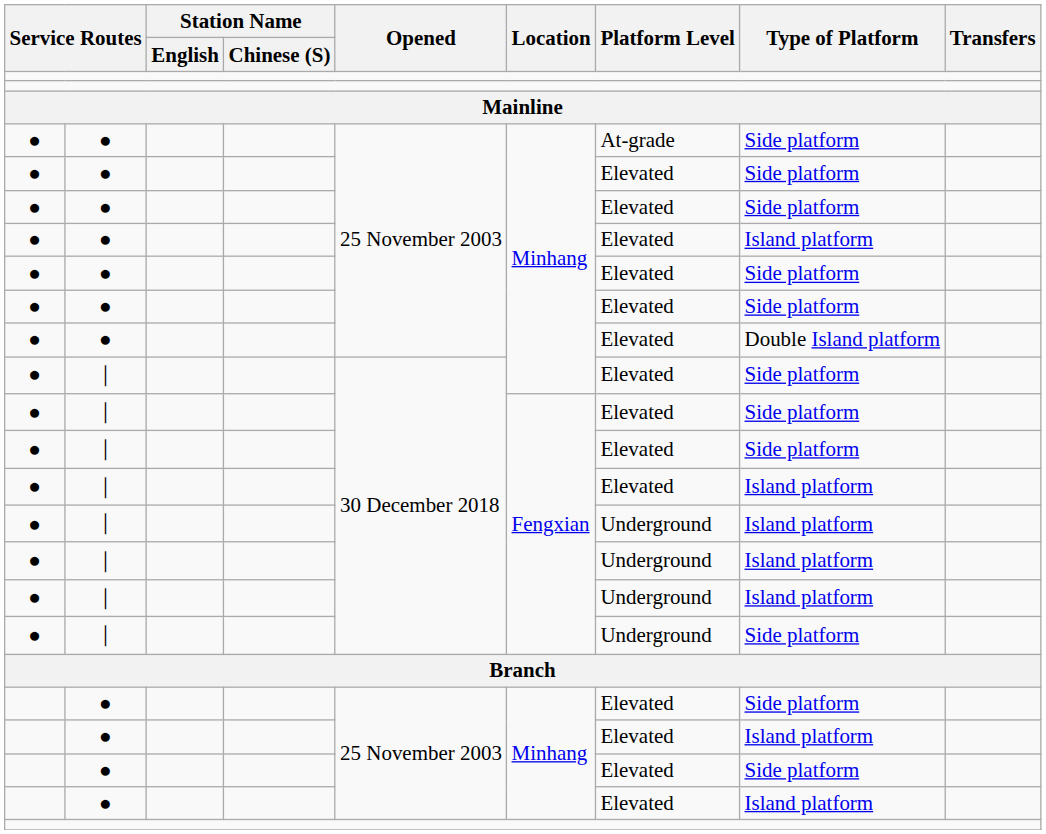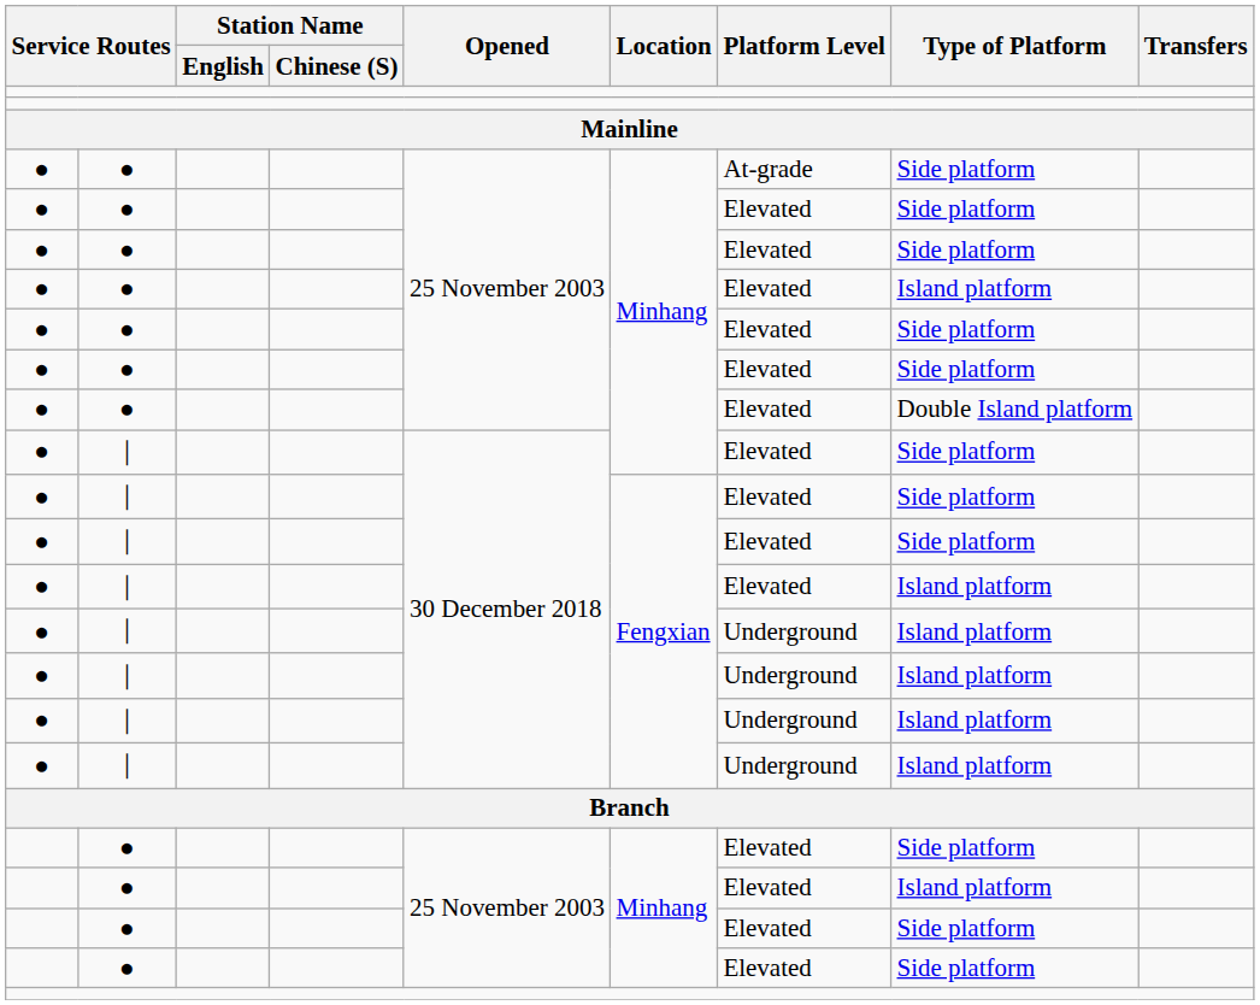 <table class=wikitable>
 <tr>
 <th rowspan=2 colspan=2>Service Routes</th>
 <th colspan=2 style="text-align:center;">Station Name</th>
 <th rowspan=2>Opened</th>
 <th rowspan=2>Location</th>
 <th rowspan=2>Platform Level</th>
 <th rowspan=2>Type of Platform</th>
 <th rowspan=2 style="text-align:center;">Transfers</th>
 </tr>
 <tr>
 <th>English</th>
 <th>Chinese (S)</th>
 </tr>
 <tr style=background:#>
 <td colspan=10></td>
 </tr>
 <tr style=height:.25pt>
 <td colspan=10></td>
 </tr>
 <tr style=background:#>
 <th colspan=10 style=background:#>Mainline</th>
 </tr>
 <tr>
 <td align=center>●</td>
 <td align=center>●</td>
 <td></td>
 <td><span></span></td>
 <td rowspan=7>25 November 2003</td>
 <td rowspan=8><a href='#'>Minhang</a></td>
 <td>At-grade</td>
 <td><a href='#'>Side platform</a></td>
 <td> <br></td>
 </tr>
 <tr>
 <td align=center>●</td>
 <td align=center>●</td>
 <td></td>
 <td><span></span></td>
 <td>Elevated</td>
 <td><a href='#'>Side platform</a></td>
 <td></td>
 </tr>
 <tr>
 <td align=center>●</td>
 <td align=center>●</td>
 <td></td>
 <td><span></span></td>
 <td>Elevated</td>
 <td><a href='#'>Side platform</a></td>
 <td></td>
 </tr>
 <tr>
 <td align=center>●</td>
 <td align=center>●</td>
 <td></td>
 <td><span></span></td>
 <td>Elevated</td>
 <td><a href='#'>Island platform</a></td>
 <td></td>
 </tr>
 <tr>
 <td align=center>●</td>
 <td align=center>●</td>
 <td></td>
 <td><span></span></td>
 <td>Elevated</td>
 <td><a href='#'>Side platform</a></td>
 <td></td>
 </tr>
 <tr>
 <td align=center>●</td>
 <td align=center>●</td>
 <td></td>
 <td><span></span></td>
 <td>Elevated</td>
 <td><a href='#'>Side platform</a></td>
 <td></td>
 </tr>
 <tr>
 <td align=center>●</td>
 <td align=center>●</td>
 <td></td>
 <td><span></span></td>
 <td>Elevated</td>
 <td>Double <a href='#'>Island platform</a></td>
 <td></td>
 </tr>
 <tr>
 <td align=center>●</td>
 <td align=center>｜</td>
 <td></td>
 <td><span></span></td>
 <td rowspan=8>30 December 2018</td>
 <td>Elevated</td>
 <td><a href='#'>Side platform</a></td>
 <td></td>
 </tr>
 <tr>
 <td align=center>●</td>
 <td align=center>｜</td>
 <td></td>
 <td><span></span></td>
 <td rowspan=7><a href='#'>Fengxian</a></td>
 <td>Elevated</td>
 <td><a href='#'>Side platform</a></td>
 <td></td>
 </tr>
 <tr>
 <td align=center>●</td>
 <td align=center>｜</td>
 <td></td>
 <td><span></span></td>
 <td>Elevated</td>
 <td><a href='#'>Side platform</a></td>
 <td></td>
 </tr>
 <tr>
 <td align=center>●</td>
 <td align=center>｜</td>
 <td></td>
 <td><span></span></td>
 <td>Elevated</td>
 <td><a href='#'>Island platform</a></td>
 <td></td>
 </tr>
 <tr>
 <td align=center>●</td>
 <td align=center>｜</td>
 <td></td>
 <td><span></span></td>
 <td>Underground</td>
 <td><a href='#'>Island platform</a></td>
 <td></td>
 </tr>
 <tr>
 <td align=center>●</td>
 <td align=center>｜</td>
 <td></td>
 <td><span></span></td>
 <td>Underground</td>
 <td><a href='#'>Island platform</a></td>
 <td></td>
 </tr>
 <tr>
 <td align=center>●</td>
 <td align=center>｜</td>
 <td></td>
 <td><span></span></td>
 <td>Underground</td>
 <td><a href='#'>Island platform</a></td>
 <td></td>
 </tr>
 <tr>
 <td align=center>●</td>
 <td align=center>｜</td>
 <td></td>
 <td><span></span></td>
 <td>Underground</td>
-<td><a href='#'>Side platform</a></td>
+<td><a href='#'>Island platform</a></td>
 <td align=left></td>
 </tr>
 <tr style=background:#>
 <th colspan=10 style=background:#>Branch</th>
 </tr>
 <tr>
 <td align=center></td>
 <td align=center>●</td>
 <td></td>
 <td><span></span></td>
 <td rowspan=4>25 November 2003</td>
 <td rowspan=4><a href='#'>Minhang</a></td>
 <td>Elevated</td>
 <td><a href='#'>Side platform</a></td>
 <td></td>
 </tr>
 <tr>
 <td align=center></td>
 <td align=center>●</td>
 <td></td>
 <td><span></span></td>
 <td>Elevated</td>
 <td><a href='#'>Island platform</a></td>
 <td></td>
 </tr>
 <tr>
 <td align=center></td>
 <td align=center>●</td>
 <td></td>
 <td><span></span></td>
 <td>Elevated</td>
 <td><a href='#'>Side platform</a></td>
 <td></td>
 </tr>
 <tr>
 <td align=center></td>
 <td align=center>●</td>
 <td></td>
 <td><span></span></td>
 <td>Elevated</td>
-<td><a href='#'>Island platform</a></td>
+<td><a href='#'>Side platform</a></td>
 <td></td>
 </tr>
 <tr style=background:#>
 <td colspan=10></td>
 </tr>
 </table>
